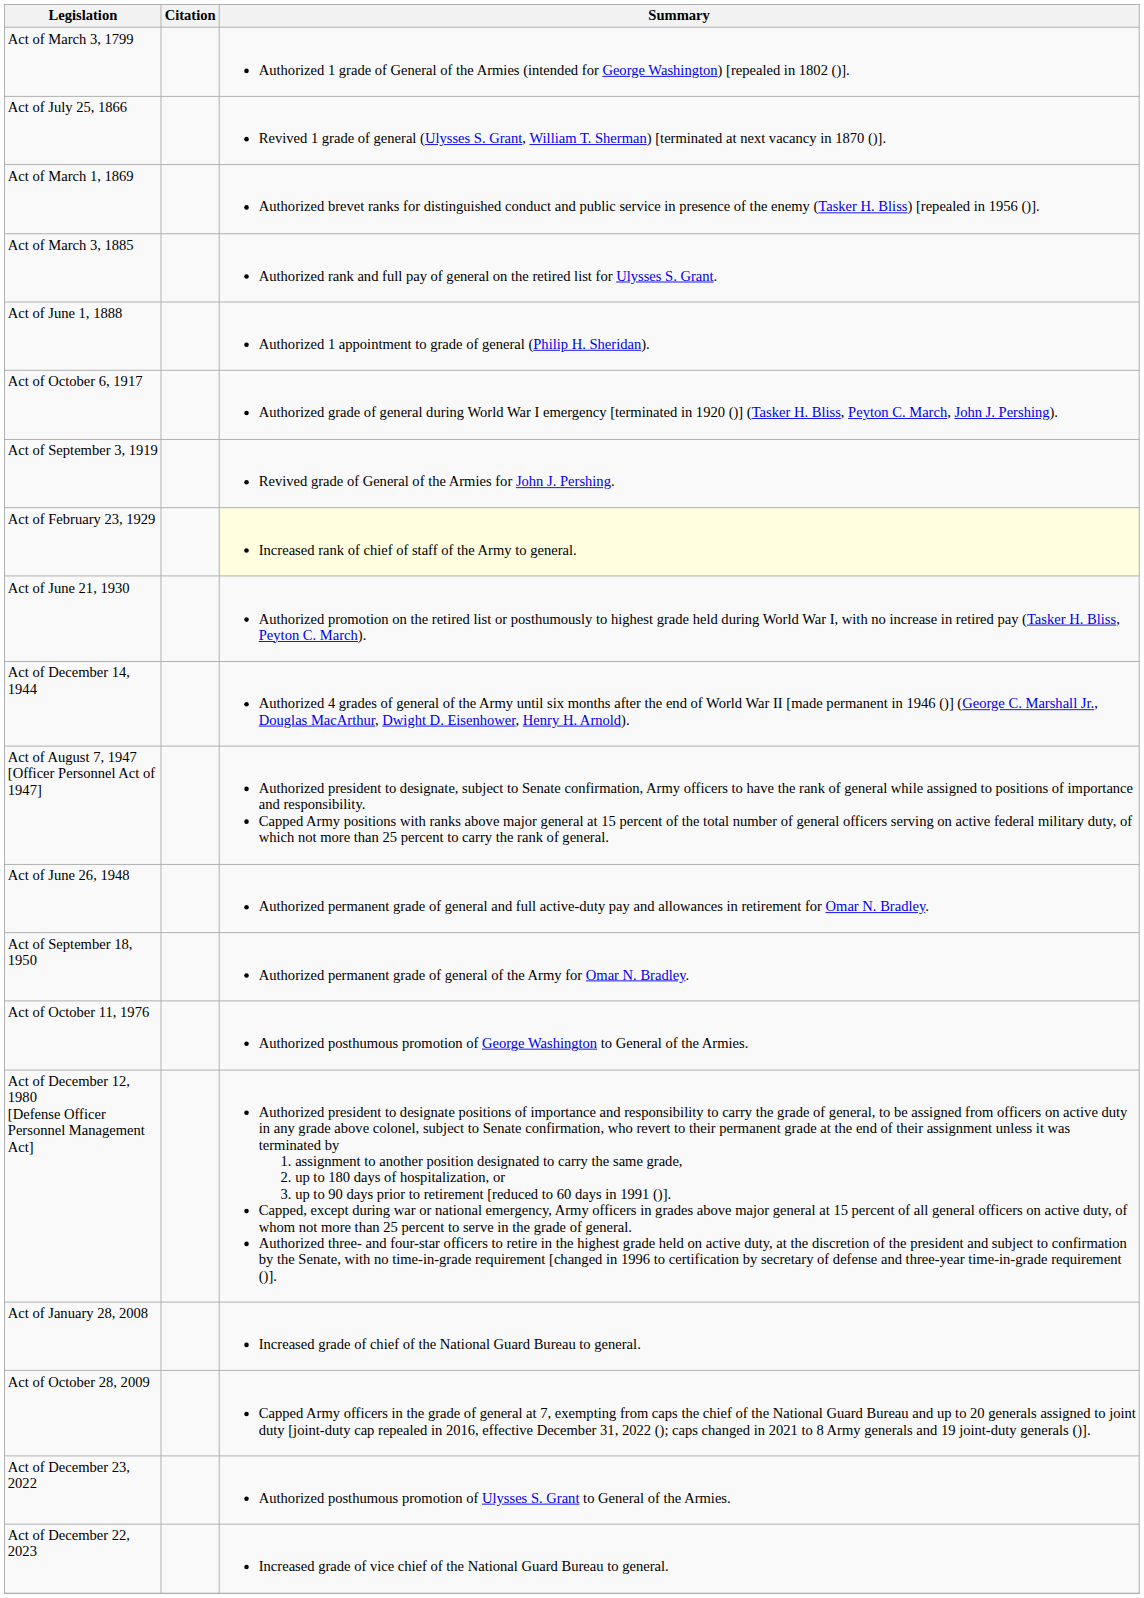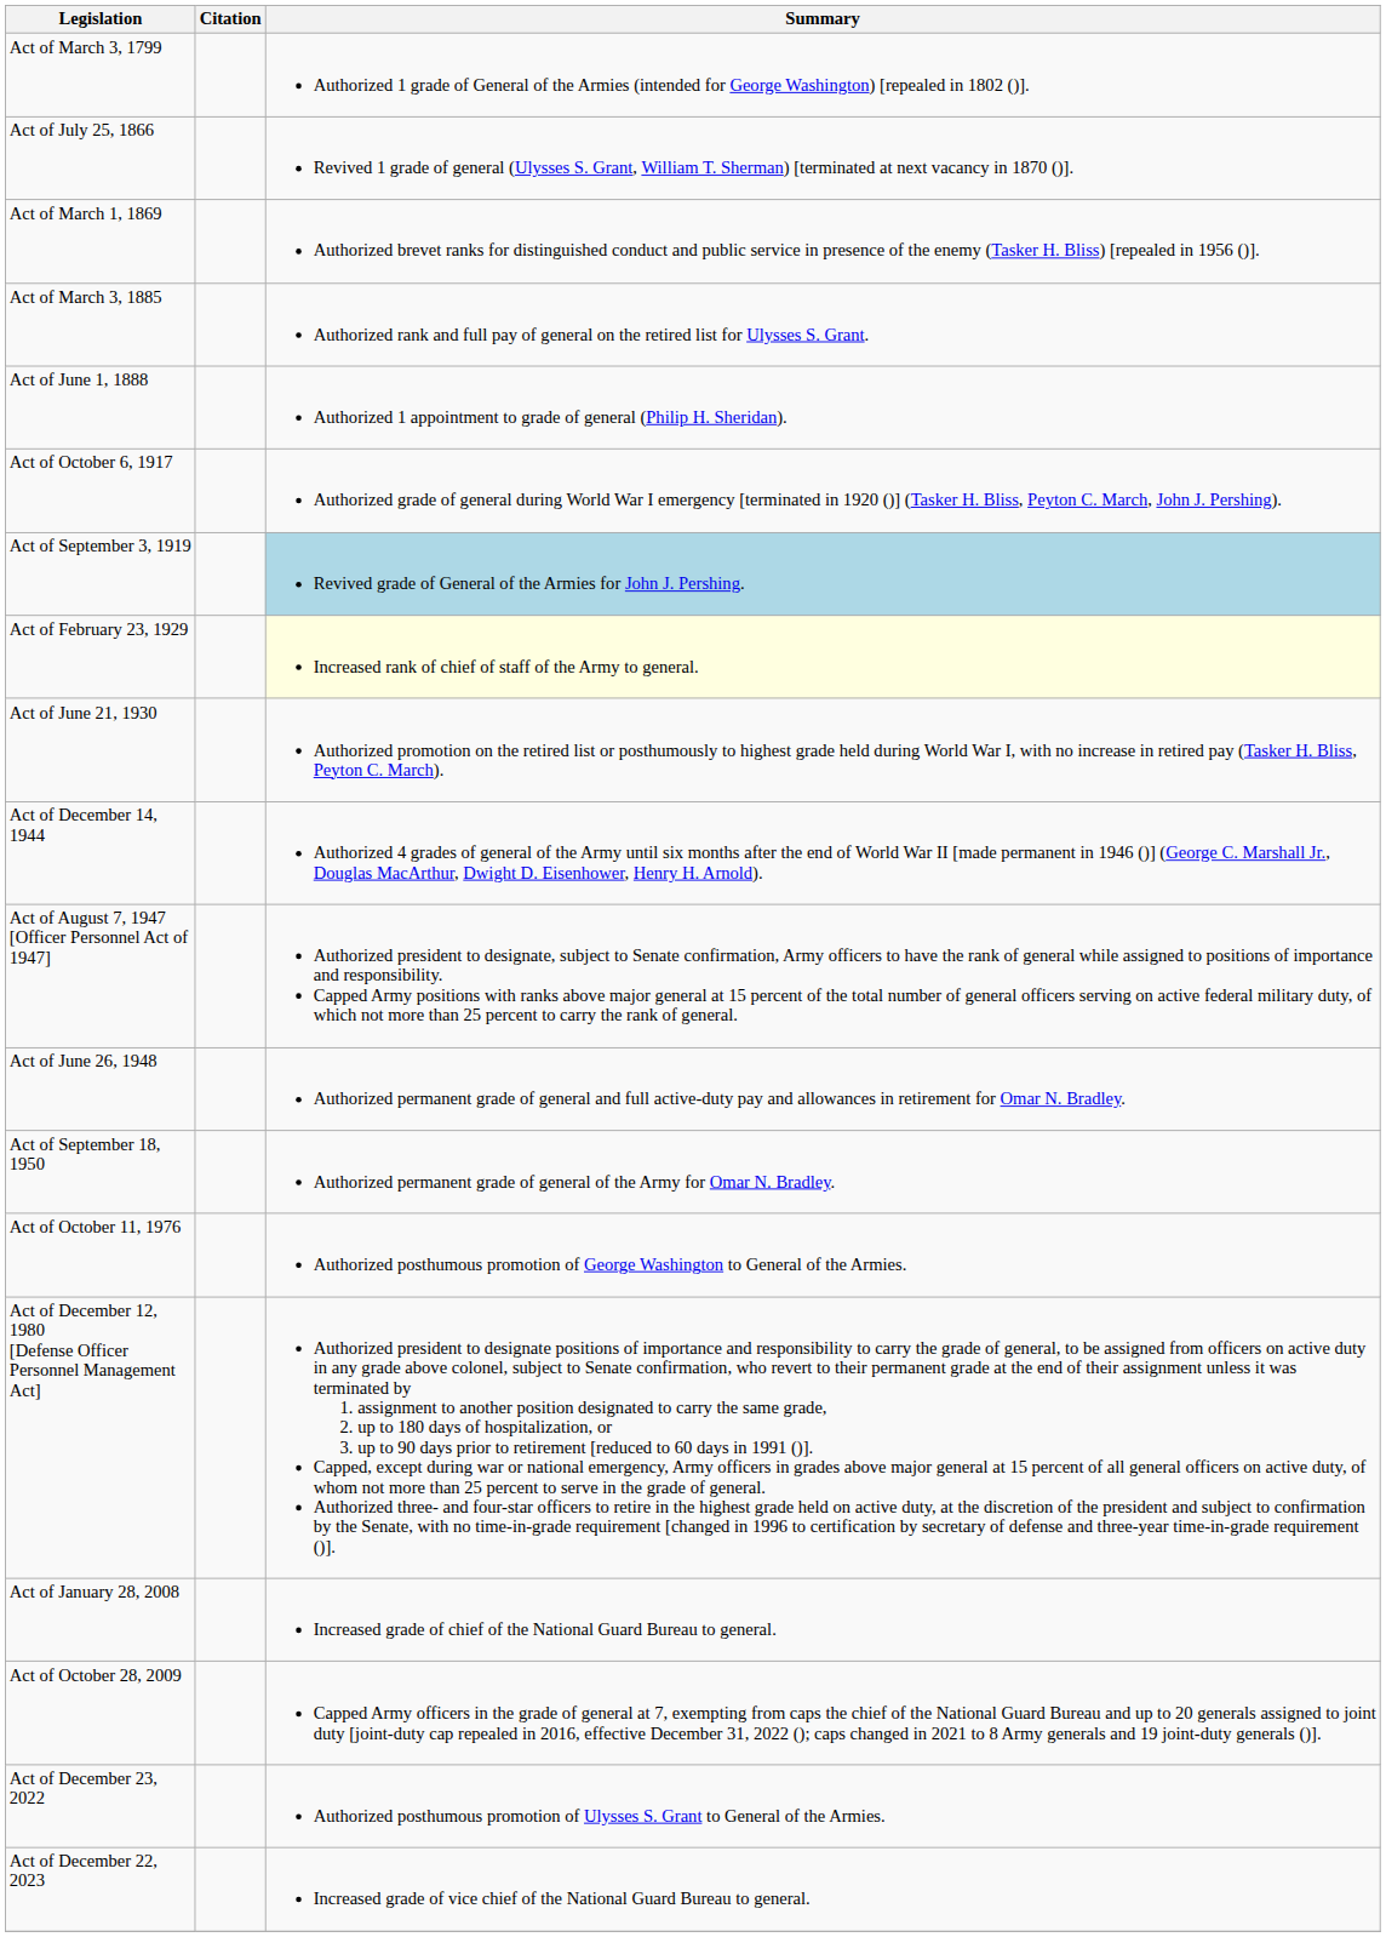 <table class="wikitable">
 <tr>
 <th width=165>Legislation</th>
 <th>Citation</th>
 <th>Summary</th>
 </tr>
 <tr valign=top>
 <td>Act of March 3, 1799</td>
 <td>   </td>
 <td><br><ul><li>Authorized 1 grade of General of the Armies (intended for <a href='#'>George Washington</a>) [repealed in 1802 ()].</li></ul></td>
 </tr>
 <tr valign=top>
 <td>Act of July 25, 1866</td>
 <td> </td>
 <td><br><ul><li>Revived 1 grade of general (<a href='#'>Ulysses S. Grant</a>, <a href='#'>William T. Sherman</a>) [terminated at next vacancy in 1870 ()].</li></ul></td>
 </tr>
 <tr valign=top>
 <td>Act of March 1, 1869</td>
 <td> </td>
 <td><br><ul><li>Authorized brevet ranks for distinguished conduct and public service in presence of the enemy (<a href='#'>Tasker H. Bliss</a>) [repealed in 1956 ()].</li></ul></td>
 </tr>
 <tr valign=top>
 <td>Act of March 3, 1885</td>
 <td> </td>
 <td><br><ul><li>Authorized rank and full pay of general on the retired list for <a href='#'>Ulysses S. Grant</a>.</li></ul></td>
 </tr>
 <tr valign=top>
 <td>Act of June 1, 1888</td>
 <td> </td>
 <td><br><ul><li>Authorized 1 appointment to grade of general (<a href='#'>Philip H. Sheridan</a>).</li></ul></td>
 </tr>
 <tr valign=top>
 <td>Act of October 6, 1917</td>
 <td> </td>
 <td><br><ul><li>Authorized grade of general during World War I emergency [terminated in 1920 ()] (<a href='#'>Tasker H. Bliss</a>, <a href='#'>Peyton C. March</a>, <a href='#'>John J. Pershing</a>).</li></ul></td>
 </tr>
 <tr valign=top>
 <td>Act of September 3, 1919</td>
 <td> </td>
-<td><br><ul><li>Revived grade of General of the Armies for <a href='#'>John J. Pershing</a>.</li></ul></td>
+<td style="background: lightblue;"><br><ul><li>Revived grade of General of the Armies for <a href='#'>John J. Pershing</a>.</li></ul></td>
 </tr>
 <tr valign=top>
 <td>Act of February 23, 1929</td>
 <td> </td>
 <td style="background: lightyellow;"><br><ul><li>Increased rank of chief of staff of the Army to general.</li></ul></td>
 </tr>
 <tr valign=top>
 <td>Act of June 21, 1930</td>
 <td> </td>
 <td><br><ul><li>Authorized promotion on the retired list or posthumously to highest grade held during World War I, with no increase in retired pay (<a href='#'>Tasker H. Bliss</a>, <a href='#'>Peyton C. March</a>).</li></ul></td>
 </tr>
 <tr valign=top>
 <td>Act of December 14, 1944</td>
 <td> </td>
 <td><br><ul><li>Authorized 4 grades of general of the Army until six months after the end of World War II [made permanent in 1946 ()] (<a href='#'>George C. Marshall Jr.</a>, <a href='#'>Douglas MacArthur</a>, <a href='#'>Dwight D. Eisenhower</a>, <a href='#'>Henry H. Arnold</a>).</li></ul></td>
 </tr>
 <tr valign=top>
 <td>Act of August 7, 1947<br>[Officer Personnel Act of 1947]</td>
 <td> </td>
 <td><br><ul><li>Authorized president to designate, subject to Senate confirmation, Army officers to have the rank of general while assigned to positions of importance and responsibility.</li><li>Capped Army positions with ranks above major general at 15 percent of the total number of general officers serving on active federal military duty, of which not more than 25 percent to carry the rank of general.</li></ul></td>
 </tr>
 <tr valign=top>
 <td>Act of June 26, 1948</td>
 <td> </td>
 <td><br><ul><li>Authorized permanent grade of general and full active-duty pay and allowances in retirement for <a href='#'>Omar N. Bradley</a>.</li></ul></td>
 </tr>
 <tr valign=top>
 <td>Act of September 18, 1950</td>
 <td> </td>
 <td><br><ul><li>Authorized permanent grade of general of the Army for <a href='#'>Omar N. Bradley</a>.</li></ul></td>
 </tr>
 <tr valign=top>
 <td>Act of October 11, 1976</td>
 <td> </td>
 <td><br><ul><li>Authorized posthumous promotion of <a href='#'>George Washington</a> to General of the Armies.</li></ul></td>
 </tr>
 <tr valign=top>
 <td>Act of December 12, 1980<br>[Defense Officer Personnel Management Act]</td>
 <td> <br> <br> </td>
 <td><br><ul><li>Authorized president to designate positions of importance and responsibility to carry the grade of general, to be assigned from officers on active duty in any grade above colonel, subject to Senate confirmation, who revert to their permanent grade at the end of their assignment unless it was terminated by<ol><li>assignment to another position designated to carry the same grade,</li><li>up to 180 days of hospitalization, or</li><li>up to 90 days prior to retirement [reduced to 60 days in 1991 ()].</li></ol></li><li>Capped, except during war or national emergency, Army officers in grades above major general at 15 percent of all general officers on active duty, of whom not more than 25 percent to serve in the grade of general.</li><li>Authorized three- and four-star officers to retire in the highest grade held on active duty, at the discretion of the president and subject to confirmation by the Senate, with no time-in-grade requirement [changed in 1996 to certification by secretary of defense and three-year time-in-grade requirement ()].</li></ul></td>
 </tr>
 <tr valign=top>
 <td>Act of January 28, 2008</td>
 <td> </td>
 <td><br><ul><li>Increased grade of chief of the National Guard Bureau to general.</li></ul></td>
 </tr>
 <tr valign=top>
 <td>Act of October 28, 2009</td>
 <td> <br> <br> </td>
 <td><br><ul><li>Capped Army officers in the grade of general at 7, exempting from caps the chief of the National Guard Bureau and up to 20 generals assigned to joint duty [joint-duty cap repealed in 2016, effective December 31, 2022 (); caps changed in 2021 to 8 Army generals and 19 joint-duty generals ()].</li></ul></td>
 </tr>
 <tr valign=top>
 <td>Act of December 23, 2022</td>
 <td> </td>
 <td><br><ul><li>Authorized posthumous promotion of <a href='#'>Ulysses S. Grant</a> to General of the Armies.</li></ul></td>
 </tr>
 <tr valign=top>
 <td>Act of December 22, 2023</td>
 <td> </td>
 <td><br><ul><li>Increased grade of vice chief of the National Guard Bureau to general.</li></ul></td>
 </tr>
 <tr>
 </tr>
 </table>
